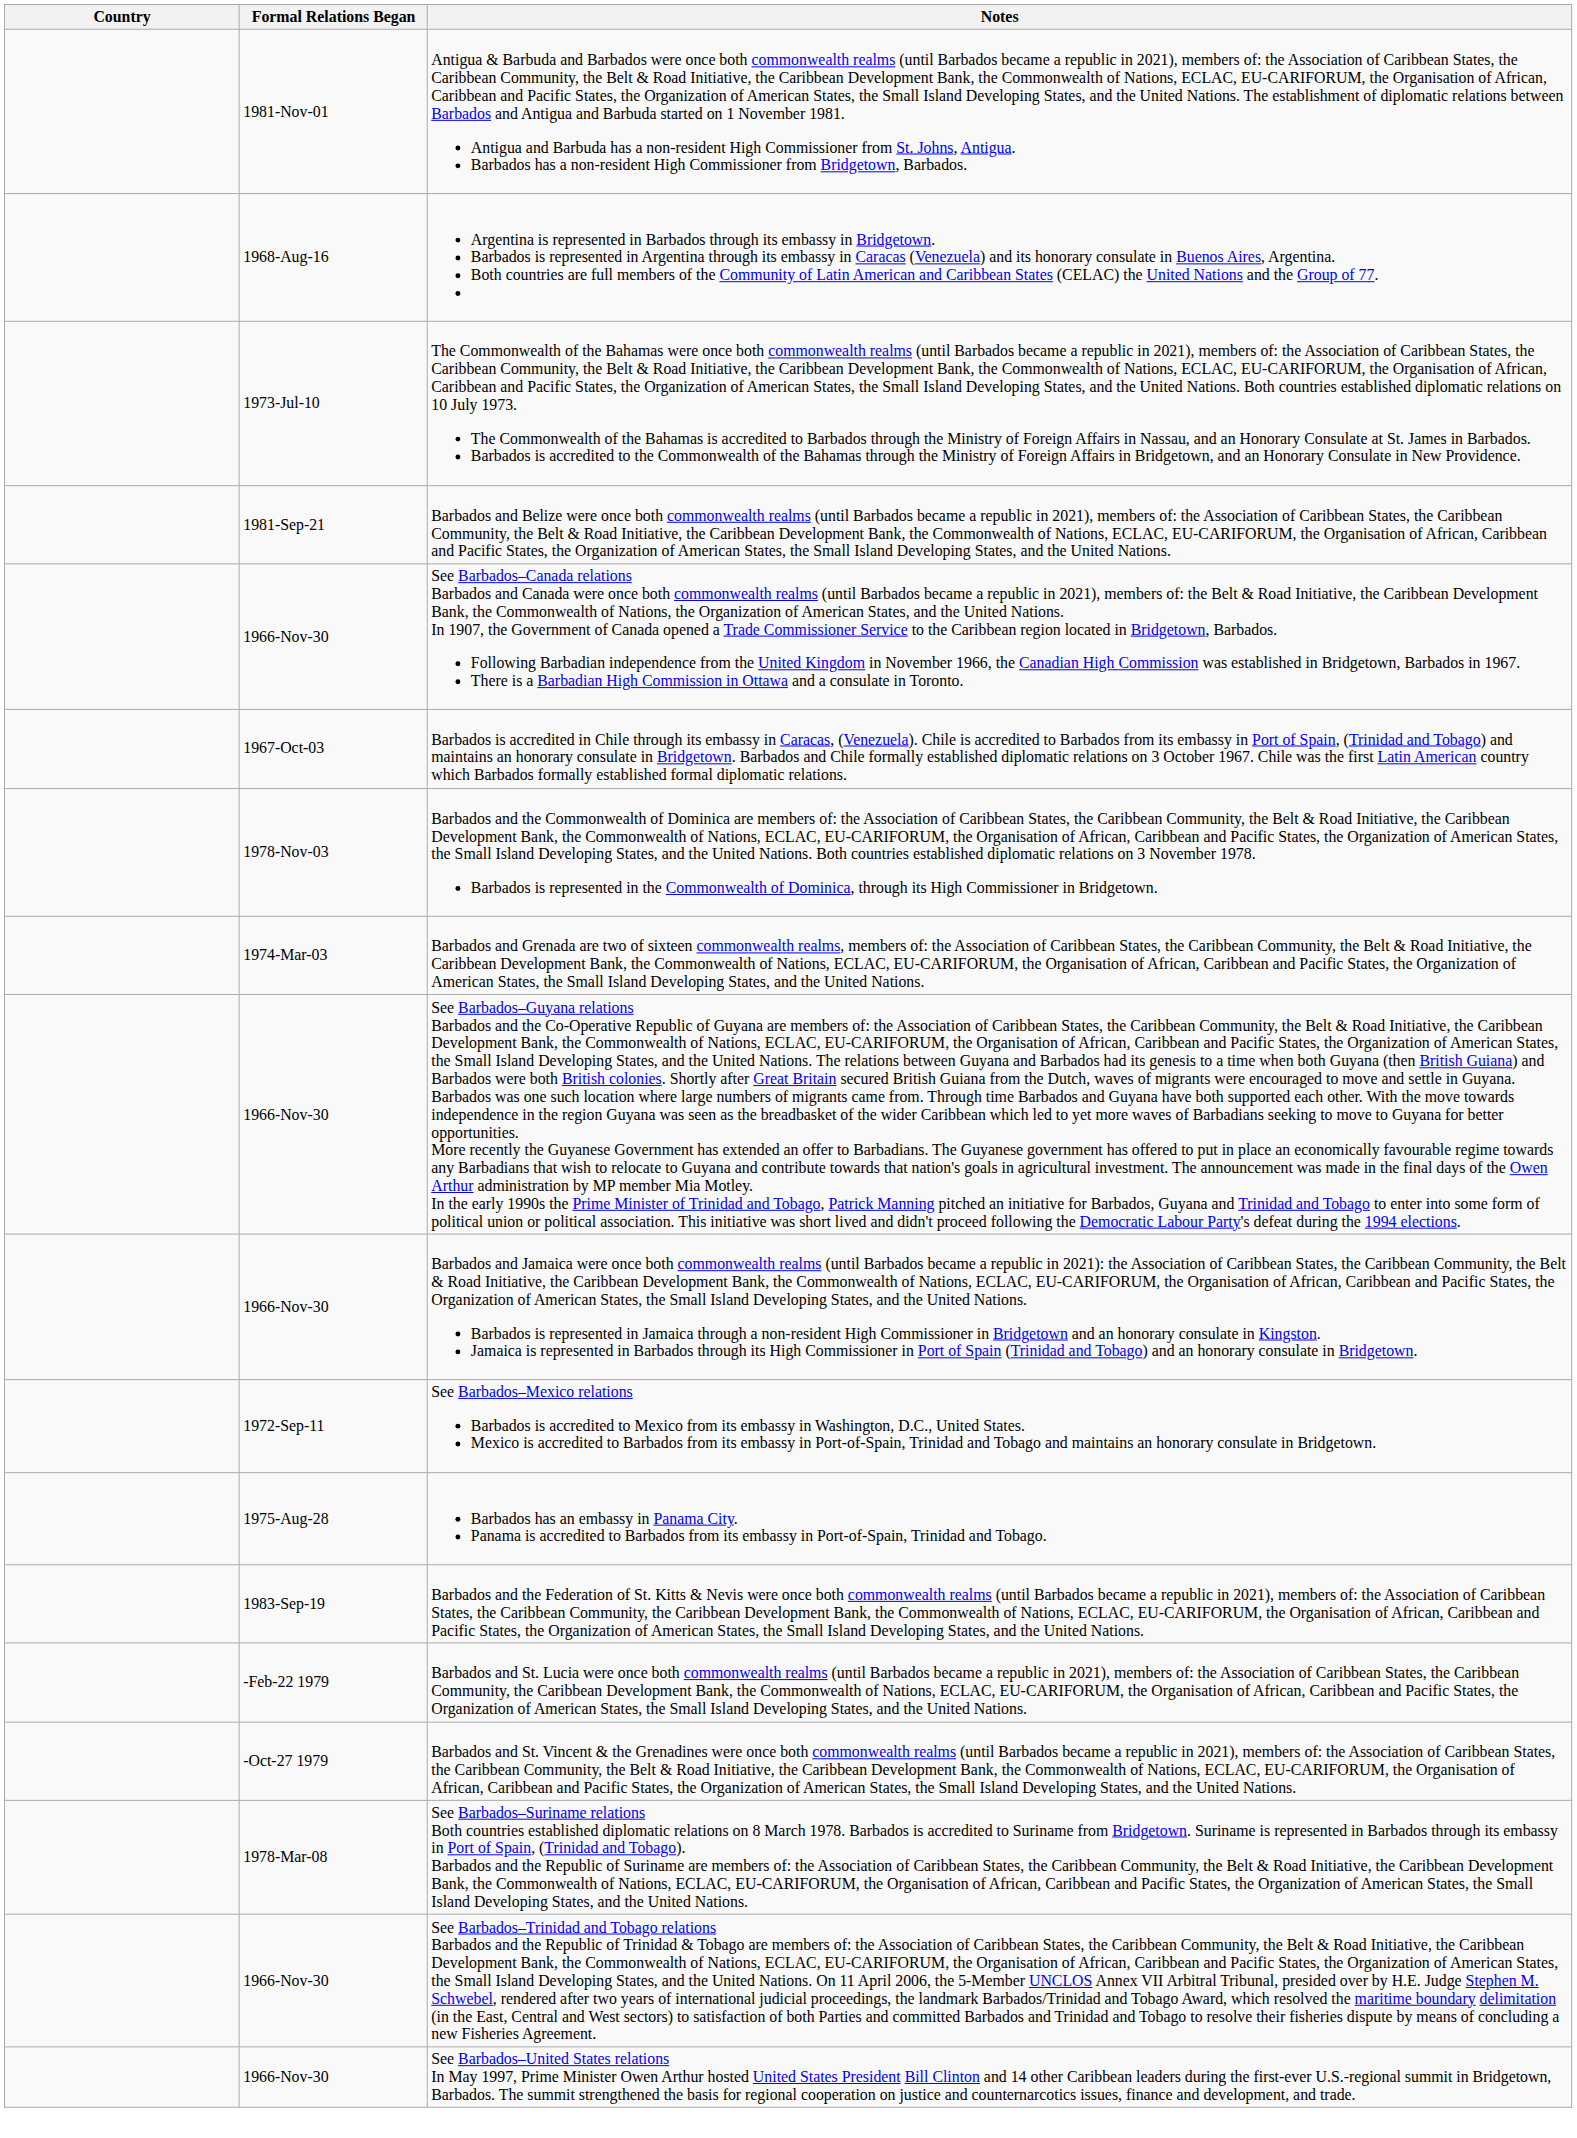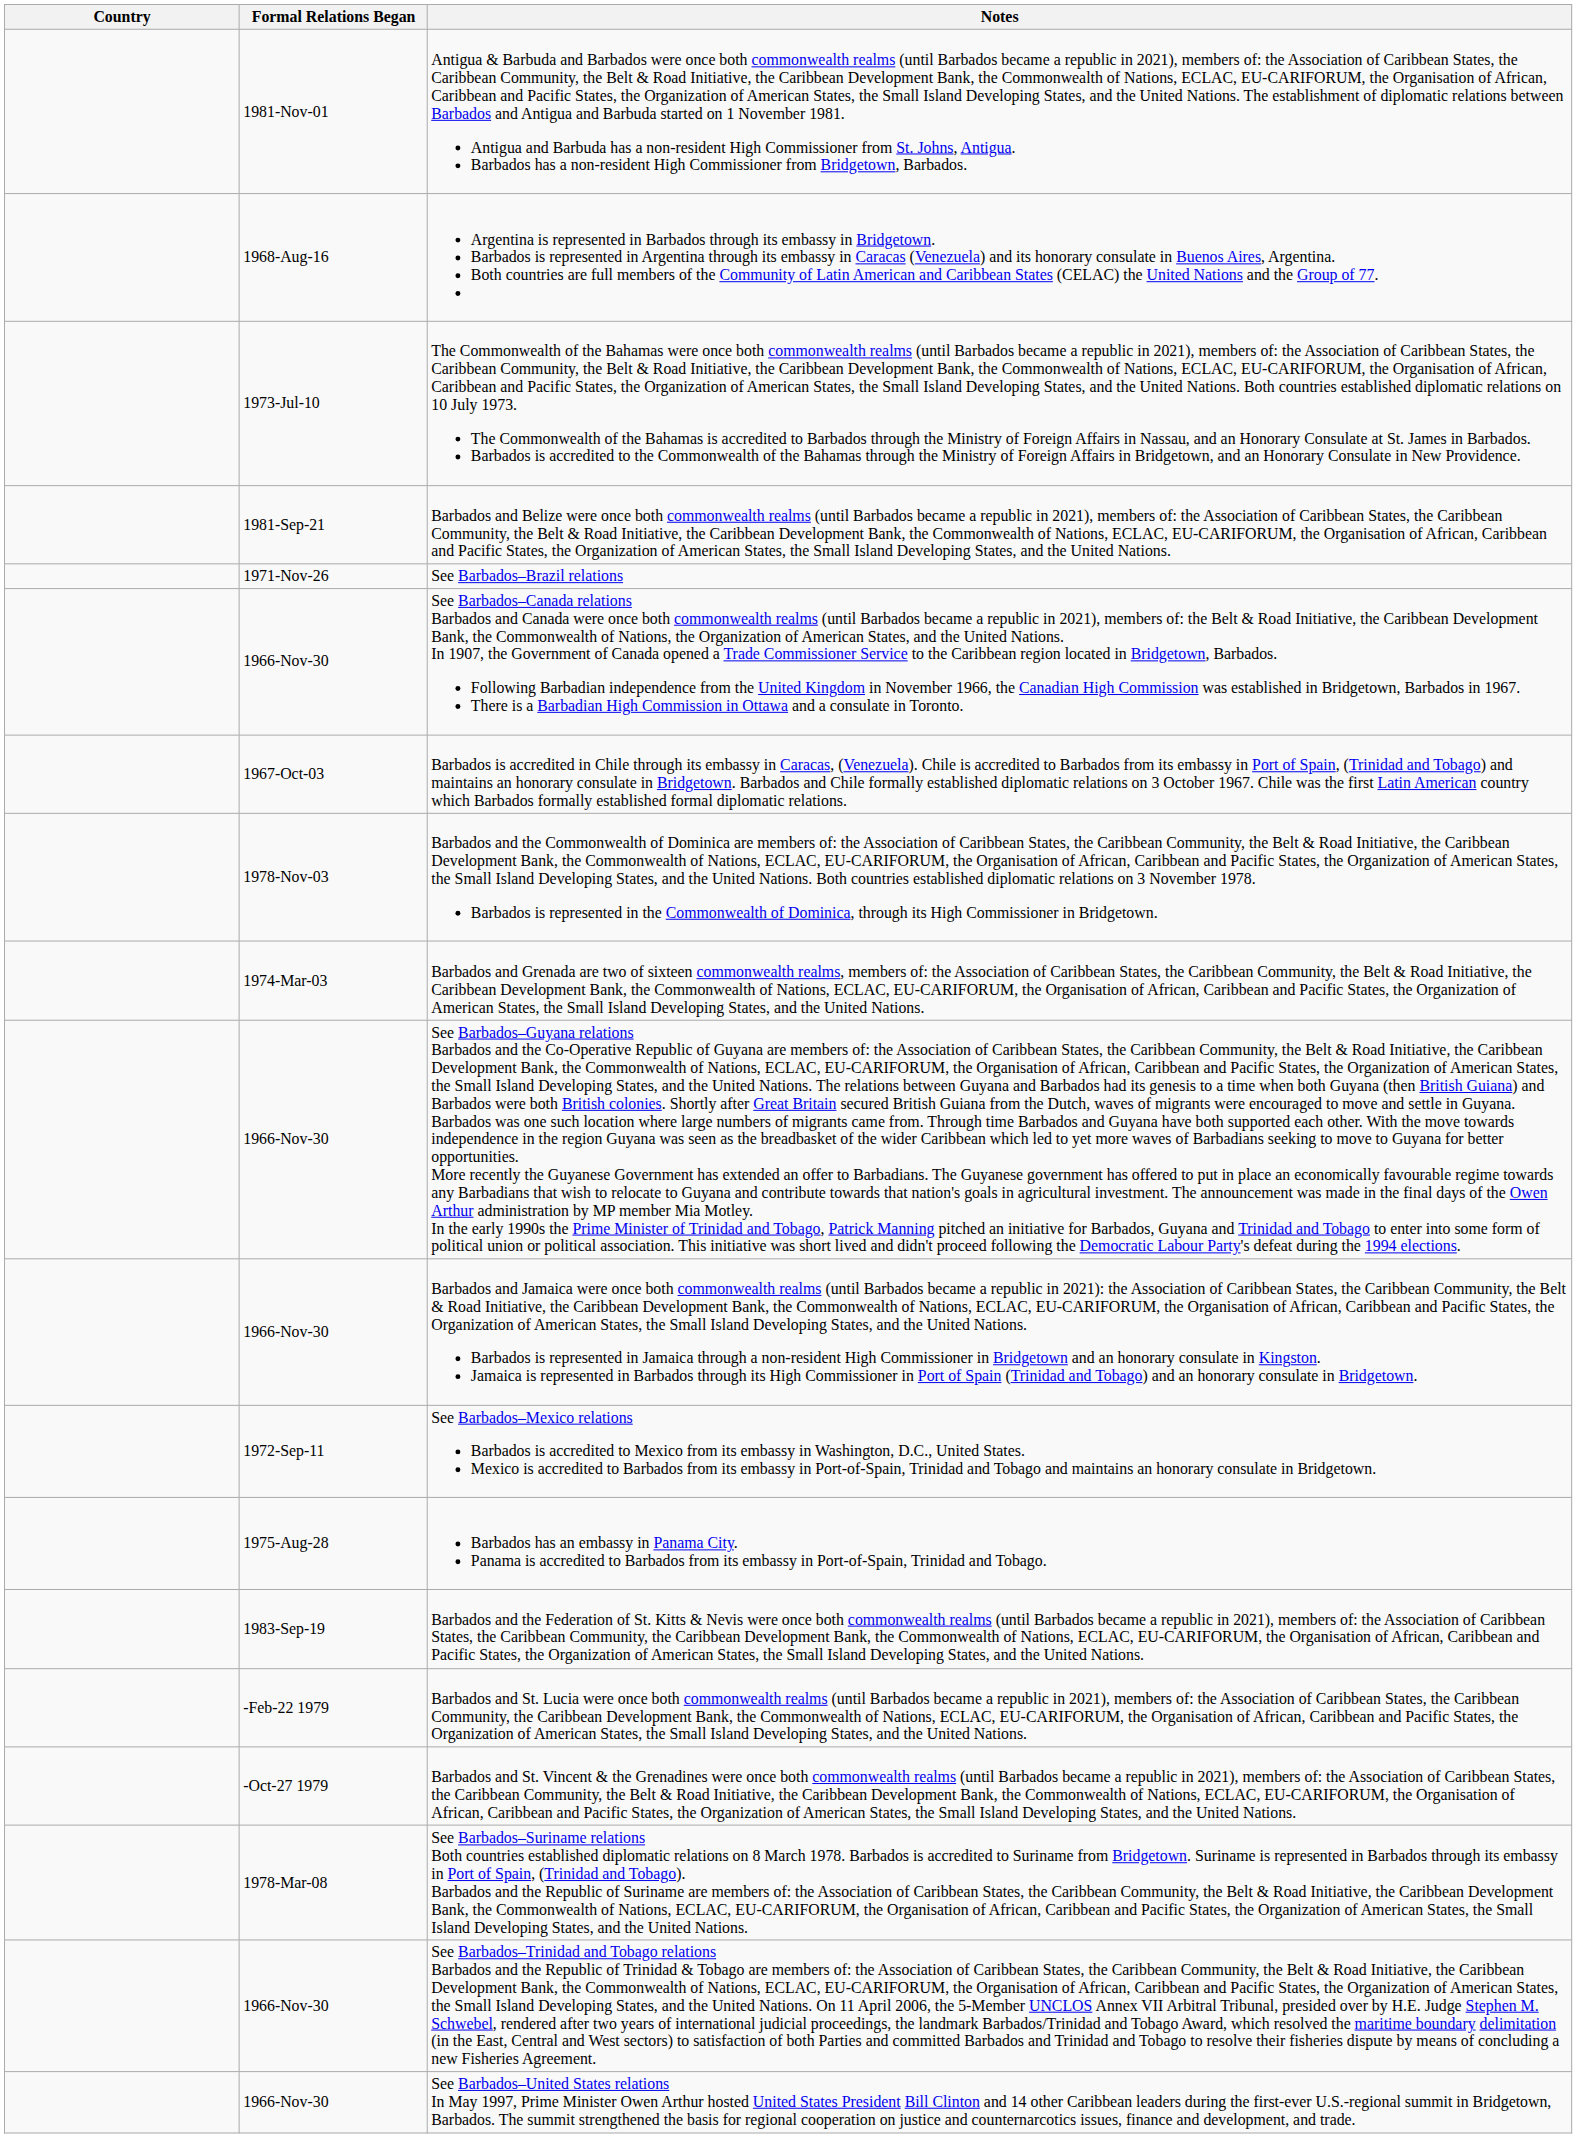 <table class="wikitable sortable" border="1" style="width:100%; margin:auto;">
 <tr>
 <th width="15%">Country</th>
 <th width="12%">Formal Relations Began</th>
 <th>Notes</th>
 </tr>
 <tr -valign="top">
 <td></td>
 <td>1981-Nov-01</td>
 <td><br>Antigua & Barbuda and Barbados were once both <a href='#'>commonwealth realms</a> (until Barbados became a republic in 2021), members of: the Association of Caribbean States, the Caribbean Community, the Belt & Road Initiative, the Caribbean Development Bank, the Commonwealth of Nations, ECLAC, EU-CARIFORUM, the Organisation of African, Caribbean and Pacific States, the Organization of American States, the Small Island Developing States, and the United Nations. The establishment of diplomatic relations between <a href='#'>Barbados</a> and Antigua and Barbuda started on 1 November 1981.<ul><li>Antigua and Barbuda has a non-resident High Commissioner from <a href='#'>St. Johns</a>, <a href='#'>Antigua</a>.</li><li>Barbados has a non-resident High Commissioner from <a href='#'>Bridgetown</a>, Barbados.</li></ul></td>
 </tr>
 <tr -valign="top">
 <td></td>
 <td>1968-Aug-16</td>
 <td><br><ul><li>Argentina is represented in Barbados through its embassy in <a href='#'>Bridgetown</a>.</li><li>Barbados is represented in Argentina through its embassy in <a href='#'>Caracas</a> (<a href='#'>Venezuela</a>) and its honorary consulate in <a href='#'>Buenos Aires</a>, Argentina.</li><li>Both countries are full members of the <a href='#'>Community of Latin American and Caribbean States</a> (CELAC) the <a href='#'>United Nations</a> and the <a href='#'>Group of 77</a>.</li><li></li></ul></td>
 </tr>
 <tr -valign="top">
 <td></td>
 <td>1973-Jul-10</td>
 <td><br>The Commonwealth of the Bahamas were once both <a href='#'>commonwealth realms</a> (until Barbados became a republic in 2021), members of: the Association of Caribbean States, the Caribbean Community, the Belt & Road Initiative, the Caribbean Development Bank, the Commonwealth of Nations, ECLAC, EU-CARIFORUM, the Organisation of African, Caribbean and Pacific States, the Organization of American States, the Small Island Developing States, and the United Nations. Both countries established diplomatic relations on 10 July 1973.<ul><li>The Commonwealth of the Bahamas is accredited to Barbados through the Ministry of Foreign Affairs in Nassau, and an Honorary Consulate at St. James in Barbados.</li><li>Barbados is accredited to the Commonwealth of the Bahamas through the Ministry of Foreign Affairs in Bridgetown, and an Honorary Consulate in New Providence.</li></ul></td>
 </tr>
 <tr -valign="top">
 <td></td>
 <td>1981-Sep-21</td>
 <td><br>Barbados and Belize were once both <a href='#'>commonwealth realms</a> (until Barbados became a republic in 2021), members of: the Association of Caribbean States, the Caribbean Community, the Belt & Road Initiative, the Caribbean Development Bank, the Commonwealth of Nations, ECLAC, EU-CARIFORUM, the Organisation of African, Caribbean and Pacific States, the Organization of American States, the Small Island Developing States, and the United Nations.</td>
+</tr>
+<tr -valign="top">
+<td></td>
+<td>1971-Nov-26</td>
+<td>See <a href='#'>Barbados–Brazil relations</a></td>
 </tr>
 <tr -valign="top">
 <td></td>
 <td>1966-Nov-30</td>
 <td>See <a href='#'>Barbados–Canada relations</a><br>Barbados and Canada were once both <a href='#'>commonwealth realms</a> (until Barbados became a republic in 2021), members of: the Belt & Road Initiative, the Caribbean Development Bank, the Commonwealth of Nations, the Organization of American States, and the United Nations.<br>In 1907, the Government of Canada opened a <a href='#'>Trade Commissioner Service</a> to the Caribbean region located in <a href='#'>Bridgetown</a>, Barbados.<ul><li>Following Barbadian independence from the <a href='#'>United Kingdom</a> in November 1966, the <a href='#'>Canadian High Commission</a> was established in Bridgetown, Barbados in 1967.</li><li>There is a <a href='#'>Barbadian High Commission in Ottawa</a> and a consulate in Toronto.</li></ul></td>
 </tr>
 <tr -valign="top">
 <td></td>
 <td>1967-Oct-03</td>
 <td><br>Barbados is accredited in Chile through its embassy in <a href='#'>Caracas</a>, (<a href='#'>Venezuela</a>). Chile is accredited to Barbados from its embassy in <a href='#'>Port of Spain</a>, (<a href='#'>Trinidad and Tobago</a>) and maintains an honorary consulate in <a href='#'>Bridgetown</a>. Barbados and Chile formally established diplomatic relations on 3 October 1967. Chile was the first <a href='#'>Latin American</a> country which Barbados formally established formal diplomatic relations.</td>
 </tr>
 <tr -valign="top">
 <td></td>
 <td>1978-Nov-03</td>
 <td><br>Barbados and the Commonwealth of Dominica are members of: the Association of Caribbean States, the Caribbean Community, the Belt & Road Initiative, the Caribbean Development Bank, the Commonwealth of Nations, ECLAC, EU-CARIFORUM, the Organisation of African, Caribbean and Pacific States, the Organization of American States, the Small Island Developing States, and the United Nations. Both countries established diplomatic relations on 3 November 1978.<ul><li>Barbados is represented in the <a href='#'>Commonwealth of Dominica</a>, through its High Commissioner in Bridgetown.</li></ul></td>
 </tr>
 <tr -valign="top">
 <td></td>
 <td>1974-Mar-03</td>
 <td><br>Barbados and Grenada are two of sixteen <a href='#'>commonwealth realms</a>, members of: the Association of Caribbean States, the Caribbean Community, the Belt & Road Initiative, the Caribbean Development Bank, the Commonwealth of Nations, ECLAC, EU-CARIFORUM, the Organisation of African, Caribbean and Pacific States, the Organization of American States, the Small Island Developing States, and the United Nations.</td>
 </tr>
 <tr -valign="top">
 <td></td>
 <td>1966-Nov-30</td>
 <td>See <a href='#'>Barbados–Guyana relations</a><br>Barbados and the Co-Operative Republic of Guyana are members of: the Association of Caribbean States, the Caribbean Community, the Belt & Road Initiative, the Caribbean Development Bank, the Commonwealth of Nations, ECLAC, EU-CARIFORUM, the Organisation of African, Caribbean and Pacific States, the Organization of American States, the Small Island Developing States, and the United Nations. The relations between Guyana and Barbados had its genesis to a time when both Guyana (then <a href='#'>British Guiana</a>) and Barbados were both <a href='#'>British colonies</a>. Shortly after <a href='#'>Great Britain</a> secured British Guiana from the Dutch, waves of migrants were encouraged to move and settle in Guyana. Barbados was one such location where large numbers of migrants came from. Through time Barbados and Guyana have both supported each other. With the move towards independence in the region Guyana was seen as the breadbasket of the wider Caribbean which led to yet more waves of Barbadians seeking to move to Guyana for better opportunities.<br>More recently the Guyanese Government has extended an offer to Barbadians. The Guyanese government has offered to put in place an economically favourable regime towards any Barbadians that wish to relocate to Guyana and contribute towards that nation's goals in agricultural investment. The announcement was made in the final days of the <a href='#'>Owen Arthur</a> administration by MP member Mia Motley.<br>In the early 1990s the <a href='#'>Prime Minister of Trinidad and Tobago</a>, <a href='#'>Patrick Manning</a> pitched an initiative for Barbados, Guyana and <a href='#'>Trinidad and Tobago</a> to enter into some form of political union or political association. This initiative was short lived and didn't proceed following the <a href='#'>Democratic Labour Party</a>'s defeat during the <a href='#'>1994 elections</a>.</td>
 </tr>
 <tr -valign="top">
 <td></td>
 <td>1966-Nov-30</td>
 <td><br>Barbados and Jamaica were once both <a href='#'>commonwealth realms</a> (until Barbados became a republic in 2021): the Association of Caribbean States, the Caribbean Community, the Belt & Road Initiative, the Caribbean Development Bank, the Commonwealth of Nations, ECLAC, EU-CARIFORUM, the Organisation of African, Caribbean and Pacific States, the Organization of American States, the Small Island Developing States, and the United Nations.<ul><li>Barbados is represented in Jamaica through a non-resident High Commissioner in <a href='#'>Bridgetown</a> and an honorary consulate in <a href='#'>Kingston</a>.</li><li>Jamaica is represented in Barbados through its High Commissioner in <a href='#'>Port of Spain</a> (<a href='#'>Trinidad and Tobago</a>) and an honorary consulate in <a href='#'>Bridgetown</a>.</li></ul></td>
 </tr>
 <tr -valign="top">
 <td></td>
 <td>1972-Sep-11</td>
 <td>See <a href='#'>Barbados–Mexico relations</a><br><ul><li>Barbados is accredited to Mexico from its embassy in Washington, D.C., United States.</li><li>Mexico is accredited to Barbados from its embassy in Port-of-Spain, Trinidad and Tobago and maintains an honorary consulate in Bridgetown.</li></ul></td>
 </tr>
 <tr -valign="top">
 <td></td>
 <td>1975-Aug-28</td>
 <td><br><ul><li>Barbados has an embassy in <a href='#'>Panama City</a>.</li><li>Panama is accredited to Barbados from its embassy in Port-of-Spain, Trinidad and Tobago.</li></ul></td>
 </tr>
 <tr -valign="top">
 <td></td>
 <td>1983-Sep-19</td>
 <td><br>Barbados and the Federation of St. Kitts & Nevis were once both <a href='#'>commonwealth realms</a> (until Barbados became a republic in 2021), members of: the Association of Caribbean States, the Caribbean Community, the Caribbean Development Bank, the Commonwealth of Nations, ECLAC, EU-CARIFORUM, the Organisation of African, Caribbean and Pacific States, the Organization of American States, the Small Island Developing States, and the United Nations.</td>
 </tr>
 <tr -valign="top">
 <td></td>
 <td>-Feb-22 1979</td>
 <td><br>Barbados and St. Lucia were once both <a href='#'>commonwealth realms</a> (until Barbados became a republic in 2021), members of: the Association of Caribbean States, the Caribbean Community, the Caribbean Development Bank, the Commonwealth of Nations, ECLAC, EU-CARIFORUM, the Organisation of African, Caribbean and Pacific States, the Organization of American States, the Small Island Developing States, and the United Nations.</td>
 </tr>
 <tr -valign="top">
 <td></td>
 <td>-Oct-27 1979</td>
 <td><br>Barbados and St. Vincent & the Grenadines were once both <a href='#'>commonwealth realms</a> (until Barbados became a republic in 2021), members of: the Association of Caribbean States, the Caribbean Community, the Belt & Road Initiative, the Caribbean Development Bank, the Commonwealth of Nations, ECLAC, EU-CARIFORUM, the Organisation of African, Caribbean and Pacific States, the Organization of American States, the Small Island Developing States, and the United Nations.</td>
 </tr>
 <tr -valign="top">
 <td></td>
 <td>1978-Mar-08</td>
 <td>See <a href='#'>Barbados–Suriname relations</a><br>Both countries established diplomatic relations on 8 March 1978. Barbados is accredited to Suriname from <a href='#'>Bridgetown</a>. Suriname is represented in Barbados through its embassy in <a href='#'>Port of Spain</a>, (<a href='#'>Trinidad and Tobago</a>).<br>Barbados and the Republic of Suriname are members of: the Association of Caribbean States, the Caribbean Community, the Belt & Road Initiative, the Caribbean Development Bank, the Commonwealth of Nations, ECLAC, EU-CARIFORUM, the Organisation of African, Caribbean and Pacific States, the Organization of American States, the Small Island Developing States, and the United Nations.</td>
 </tr>
 <tr -valign="top">
 <td></td>
 <td>1966-Nov-30</td>
 <td>See <a href='#'>Barbados–Trinidad and Tobago relations</a><br>Barbados and the Republic of Trinidad & Tobago are members of: the Association of Caribbean States, the Caribbean Community, the Belt & Road Initiative, the Caribbean Development Bank, the Commonwealth of Nations, ECLAC, EU-CARIFORUM, the Organisation of African, Caribbean and Pacific States, the Organization of American States, the Small Island Developing States, and the United Nations. On 11 April 2006, the 5-Member <a href='#'>UNCLOS</a> Annex VII Arbitral Tribunal, presided over by H.E. Judge <a href='#'>Stephen M. Schwebel</a>, rendered after two years of international judicial proceedings, the landmark Barbados/Trinidad and Tobago Award, which resolved the <a href='#'>maritime boundary</a> <a href='#'>delimitation</a> (in the East, Central and West sectors) to satisfaction of both Parties and committed Barbados and Trinidad and Tobago to resolve their fisheries dispute by means of concluding a new Fisheries Agreement.</td>
 </tr>
 <tr -valign="top">
 <td></td>
 <td>1966-Nov-30</td>
 <td>See <a href='#'>Barbados–United States relations</a><br>In May 1997, Prime Minister Owen Arthur hosted <a href='#'>United States President</a> <a href='#'>Bill Clinton</a> and 14 other Caribbean leaders during the first-ever U.S.-regional summit in Bridgetown, Barbados. The summit strengthened the basis for regional cooperation on justice and counternarcotics issues, finance and development, and trade.</td>
 </tr>
 </table>
